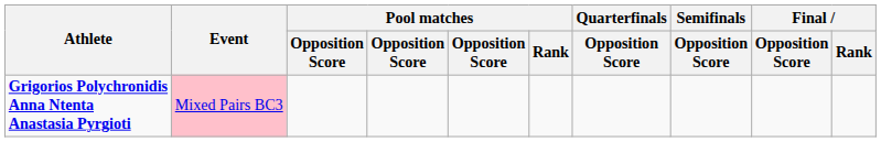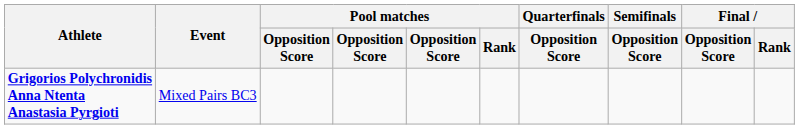 <table class=wikitable style="font-size:90%">
 <tr>
 <th rowspan="2">Athlete</th>
 <th rowspan="2">Event</th>
 <th colspan="4">Pool matches</th>
 <th>Quarterfinals</th>
 <th>Semifinals</th>
 <th colspan=2>Final / </th>
 </tr>
 <tr>
 <th>Opposition<br>Score</th>
 <th>Opposition<br>Score</th>
 <th>Opposition<br>Score</th>
 <th>Rank</th>
 <th>Opposition<br>Score</th>
 <th>Opposition<br>Score</th>
 <th>Opposition<br>Score</th>
 <th>Rank</th>
 </tr>
 <tr align=center>
 <td align=left><strong><a href='#'>Grigorios Polychronidis</a><br><a href='#'>Anna Ntenta</a><br><a href='#'>Anastasia Pyrgioti</a><br></strong></td>
-<td align=left style="background: pink;"><a href='#'>Mixed Pairs BC3</a></td>
+<td align=left><a href='#'>Mixed Pairs BC3</a></td>
 <td></td>
 <td></td>
 <td></td>
 <td></td>
 <td></td>
 <td></td>
 <td></td>
 <td></td>
 </tr>
 </table>
